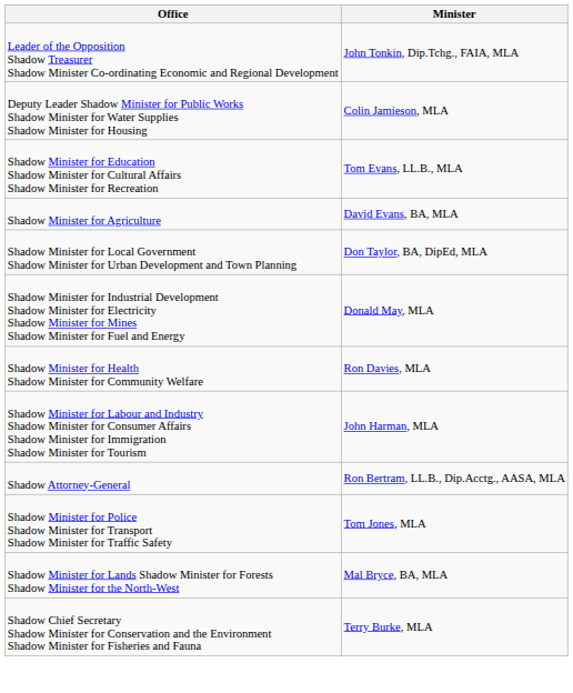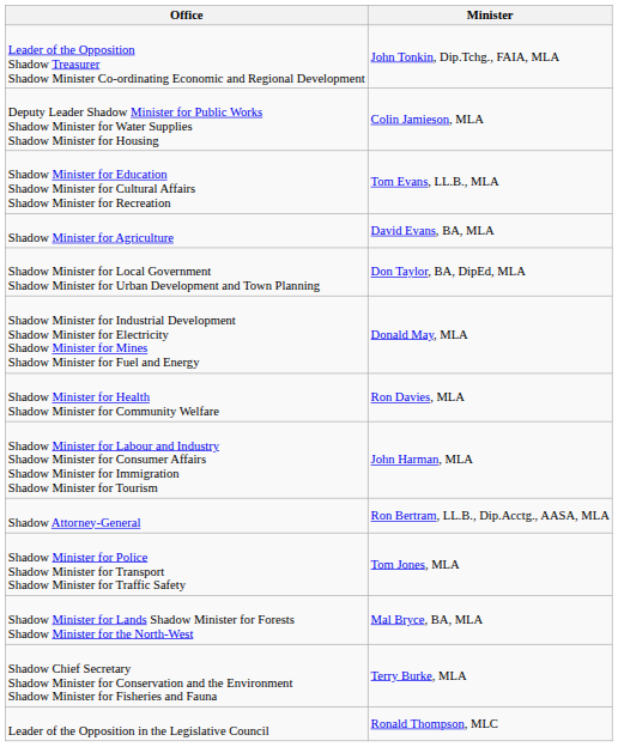 <table class="wikitable">
 <tr>
 <th>Office</th>
 <th>Minister</th>
 </tr>
 <tr>
 <td><br><a href='#'>Leader of the Opposition</a><br> Shadow <a href='#'>Treasurer</a><br> Shadow Minister Co-ordinating Economic and Regional Development</td>
 <td><a href='#'>John Tonkin</a>, Dip.Tchg., FAIA, MLA</td>
 </tr>
 <tr>
 <td><br>Deputy Leader Shadow <a href='#'>Minister for Public Works</a><br> Shadow Minister for Water Supplies<br> Shadow Minister for Housing<br></td>
 <td><a href='#'>Colin Jamieson</a>, MLA</td>
 </tr>
 <tr>
 <td><br>Shadow <a href='#'>Minister for Education</a><br> Shadow Minister for Cultural Affairs<br> Shadow Minister for Recreation</td>
 <td><a href='#'>Tom Evans</a>, LL.B., MLA</td>
 </tr>
 <tr>
 <td><br>Shadow <a href='#'>Minister for Agriculture</a><br></td>
 <td><a href='#'>David Evans</a>, BA, MLA</td>
 </tr>
 <tr>
 <td><br>Shadow Minister for Local Government<br> Shadow Minister for Urban Development and Town Planning<br></td>
 <td><a href='#'>Don Taylor</a>, BA, DipEd, MLA</td>
 </tr>
 <tr>
 <td><br>Shadow Minister for Industrial Development<br> Shadow Minister for Electricity<br> Shadow <a href='#'>Minister for Mines</a><br> Shadow Minister for Fuel and Energy</td>
 <td><a href='#'>Donald May</a>, MLA</td>
 </tr>
 <tr>
 <td><br>Shadow <a href='#'>Minister for Health</a><br> Shadow Minister for Community Welfare<br></td>
 <td><a href='#'>Ron Davies</a>, MLA</td>
 </tr>
 <tr>
 <td><br>Shadow <a href='#'>Minister for Labour and Industry</a><br> Shadow Minister for Consumer Affairs<br> Shadow Minister for Immigration<br> Shadow Minister for Tourism<br></td>
 <td><a href='#'>John Harman</a>, MLA</td>
 </tr>
 <tr>
 <td><br>Shadow <a href='#'>Attorney-General</a><br></td>
 <td><a href='#'>Ron Bertram</a>, LL.B., Dip.Acctg., AASA, MLA</td>
 </tr>
 <tr>
 <td><br>Shadow <a href='#'>Minister for Police</a><br> Shadow Minister for Transport<br> Shadow Minister for Traffic Safety<br></td>
 <td><a href='#'>Tom Jones</a>, MLA</td>
 </tr>
 <tr>
 <td><br>Shadow <a href='#'>Minister for Lands</a> Shadow Minister for Forests<br> Shadow <a href='#'>Minister for the North-West</a><br></td>
 <td><a href='#'>Mal Bryce</a>, BA, MLA</td>
 </tr>
 <tr>
 <td><br>Shadow Chief Secretary<br> Shadow Minister for Conservation and the Environment<br> Shadow Minister for Fisheries and Fauna<br></td>
 <td><a href='#'>Terry Burke</a>, MLA</td>
 </tr>
+<tr>
+<td><br>Leader of the Opposition in the Legislative Council</td>
+<td><a href='#'>Ronald Thompson</a>, MLC</td>
+</tr>
 </table>
